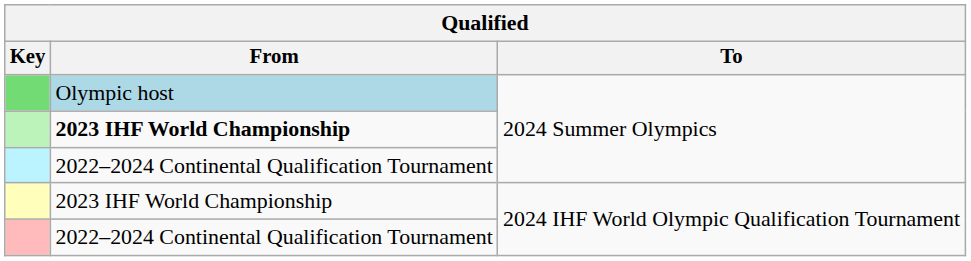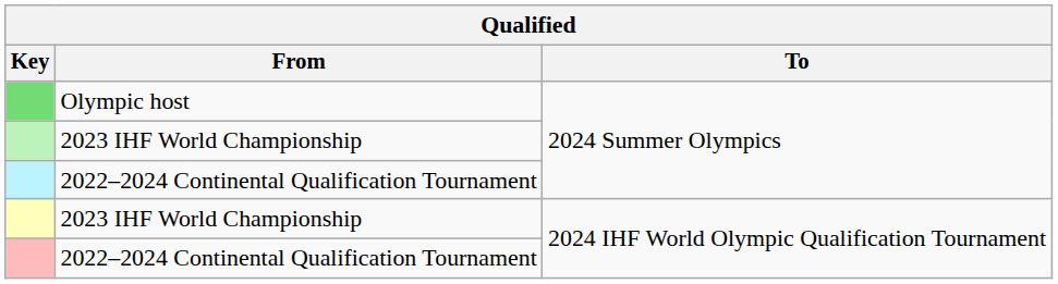 <table class="wikitable" style="font-size: 90%;">
 <tr>
 <th colspan="3">Qualified</th>
 </tr>
 <tr style="font-size: 95%;">
 <th>Key</th>
 <th>From</th>
 <th>To</th>
 </tr>
 <tr>
 <td style="background: #73DB73;"></td>
-<td style="background: lightblue;">Olympic host</td>
+<td>Olympic host</td>
 <td rowspan="3">2024 Summer Olympics</td>
 </tr>
 <tr>
 <td style="background: #BBF3BB;"></td>
-<td><strong>2023 IHF World Championship</strong></td>
+<td>2023 IHF World Championship</td>
 </tr>
 <tr>
 <td style="background: #BBF3FF;"></td>
 <td>2022–2024 Continental Qualification Tournament</td>
 </tr>
 <tr>
 <td style="background: #FFFFBB;"></td>
 <td>2023 IHF World Championship</td>
 <td rowspan="2">2024 IHF World Olympic Qualification Tournament</td>
 </tr>
 <tr>
 <td style="background: #FFBBBB;"></td>
 <td>2022–2024 Continental Qualification Tournament</td>
 </tr>
 </table>
